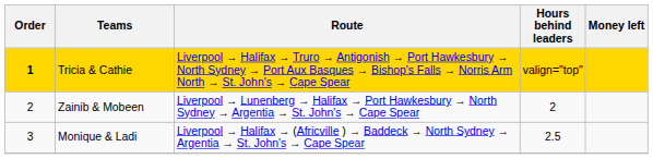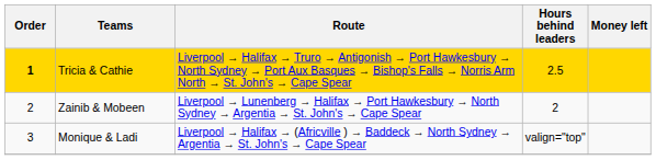 <table class="wikitable sortable" style="text-align:center">
 <tr>
 <th style="width:4em">Order</th>
 <th style="width:10em">Teams</th>
 <th style="width:30em">Route</th>
 <th style="width:5em">Hours behind leaders</th>
 <th style="width:5em">Money left</th>
 </tr>
 <tr style=background:gold>
 <td><strong>1</strong></td>
 <td style="text-align:left">Tricia & Cathie</td>
 <td style="text-align:left"><a href='#'>Liverpool</a>  → <a href='#'>Halifax</a>  → <a href='#'>Truro</a>  → <a href='#'>Antigonish</a>  → <a href='#'>Port Hawkesbury</a>  → <a href='#'>North Sydney</a>  → <a href='#'>Port Aux Basques</a>  → <a href='#'>Bishop's Falls</a>  → <a href='#'>Norris Arm North</a>  → <a href='#'>St. John's</a>  → <a href='#'>Cape Spear</a></td>
-<td>valign="top" </td>
+<td>2.5</td>
 <td></td>
 </tr>
 <tr>
 <td>2</td>
 <td style="text-align:left">Zainib & Mobeen</td>
 <td style="text-align:left"><a href='#'>Liverpool</a>  → <a href='#'>Lunenberg</a>  → <a href='#'>Halifax</a>  → <a href='#'>Port Hawkesbury</a>   → <a href='#'>North Sydney</a>  → <a href='#'>Argentia</a>  → <a href='#'>St. John's</a>  → <a href='#'>Cape Spear</a></td>
 <td>2</td>
 <td></td>
 </tr>
 <tr>
 <td>3</td>
 <td style="text-align:left">Monique & Ladi</td>
 <td style="text-align:left"><a href='#'>Liverpool</a>  → <a href='#'>Halifax</a>  → (<a href='#'>Africville</a> ) → <a href='#'>Baddeck</a> → <a href='#'>North Sydney</a>  → <a href='#'>Argentia</a>  → <a href='#'>St. John's</a>  → <a href='#'>Cape Spear</a></td>
-<td>2.5</td>
+<td>valign="top" </td>
 <td></td>
 </tr>
 <tr>
 </tr>
 </table>
